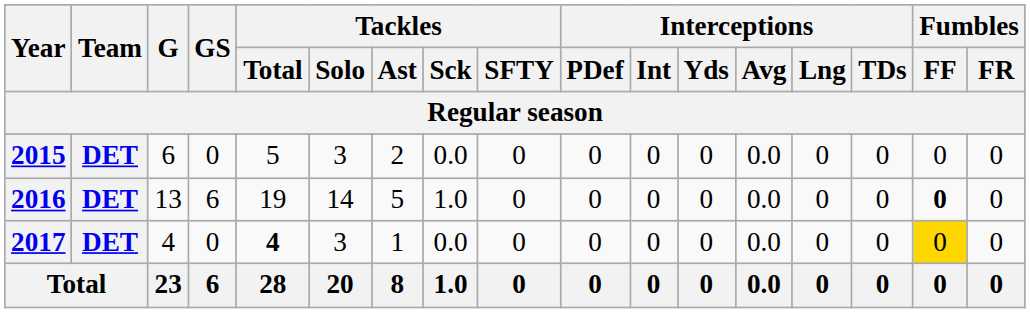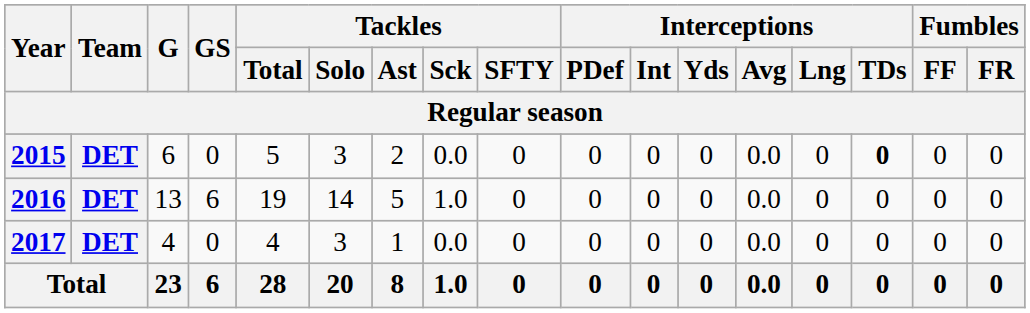 <table class="wikitable" style="text-align: center;">
 <tr>
 <th rowspan=2>Year</th>
 <th rowspan=2>Team</th>
 <th rowspan=2>G</th>
 <th rowspan=2>GS</th>
 <th colspan=5>Tackles</th>
 <th colspan=6>Interceptions</th>
 <th colspan=2>Fumbles</th>
 </tr>
 <tr>
 <th>Total</th>
 <th>Solo</th>
 <th>Ast</th>
 <th>Sck</th>
 <th>SFTY</th>
 <th>PDef</th>
 <th>Int</th>
 <th>Yds</th>
 <th>Avg</th>
 <th>Lng</th>
 <th>TDs</th>
 <th>FF</th>
 <th>FR</th>
 </tr>
 <tr>
 <th colspan=17><strong>Regular season</strong></th>
 </tr>
 <tr>
 <th><a href='#'>2015</a></th>
 <th><a href='#'>DET</a></th>
 <td>6</td>
 <td>0</td>
 <td>5</td>
 <td>3</td>
 <td>2</td>
 <td>0.0</td>
 <td>0</td>
 <td>0</td>
 <td>0</td>
 <td>0</td>
 <td>0.0</td>
 <td>0</td>
-<td>0</td>
+<td><strong>0</strong></td>
 <td>0</td>
 <td>0</td>
 </tr>
 <tr>
 <th><a href='#'>2016</a></th>
 <th><a href='#'>DET</a></th>
 <td>13</td>
 <td>6</td>
 <td>19</td>
 <td>14</td>
 <td>5</td>
 <td>1.0</td>
 <td>0</td>
 <td>0</td>
 <td>0</td>
 <td>0</td>
 <td>0.0</td>
 <td>0</td>
 <td>0</td>
-<td><strong>0</strong></td>
+<td>0</td>
 <td>0</td>
 </tr>
 <tr>
 <th><a href='#'>2017</a></th>
 <th><a href='#'>DET</a></th>
 <td>4</td>
 <td>0</td>
-<td><strong>4</strong></td>
+<td>4</td>
 <td>3</td>
 <td>1</td>
 <td>0.0</td>
 <td>0</td>
 <td>0</td>
 <td>0</td>
 <td>0</td>
 <td>0.0</td>
 <td>0</td>
 <td>0</td>
-<td style="background: gold;">0</td>
+<td>0</td>
 <td>0</td>
 </tr>
 <tr>
 <th colspan=2>Total</th>
 <th>23</th>
 <th>6</th>
 <th>28</th>
 <th>20</th>
 <th>8</th>
 <th>1.0</th>
 <th>0</th>
 <th>0</th>
 <th>0</th>
 <th>0</th>
 <th>0.0</th>
 <th>0</th>
 <th>0</th>
 <th>0</th>
 <th>0</th>
 </tr>
 </table>
